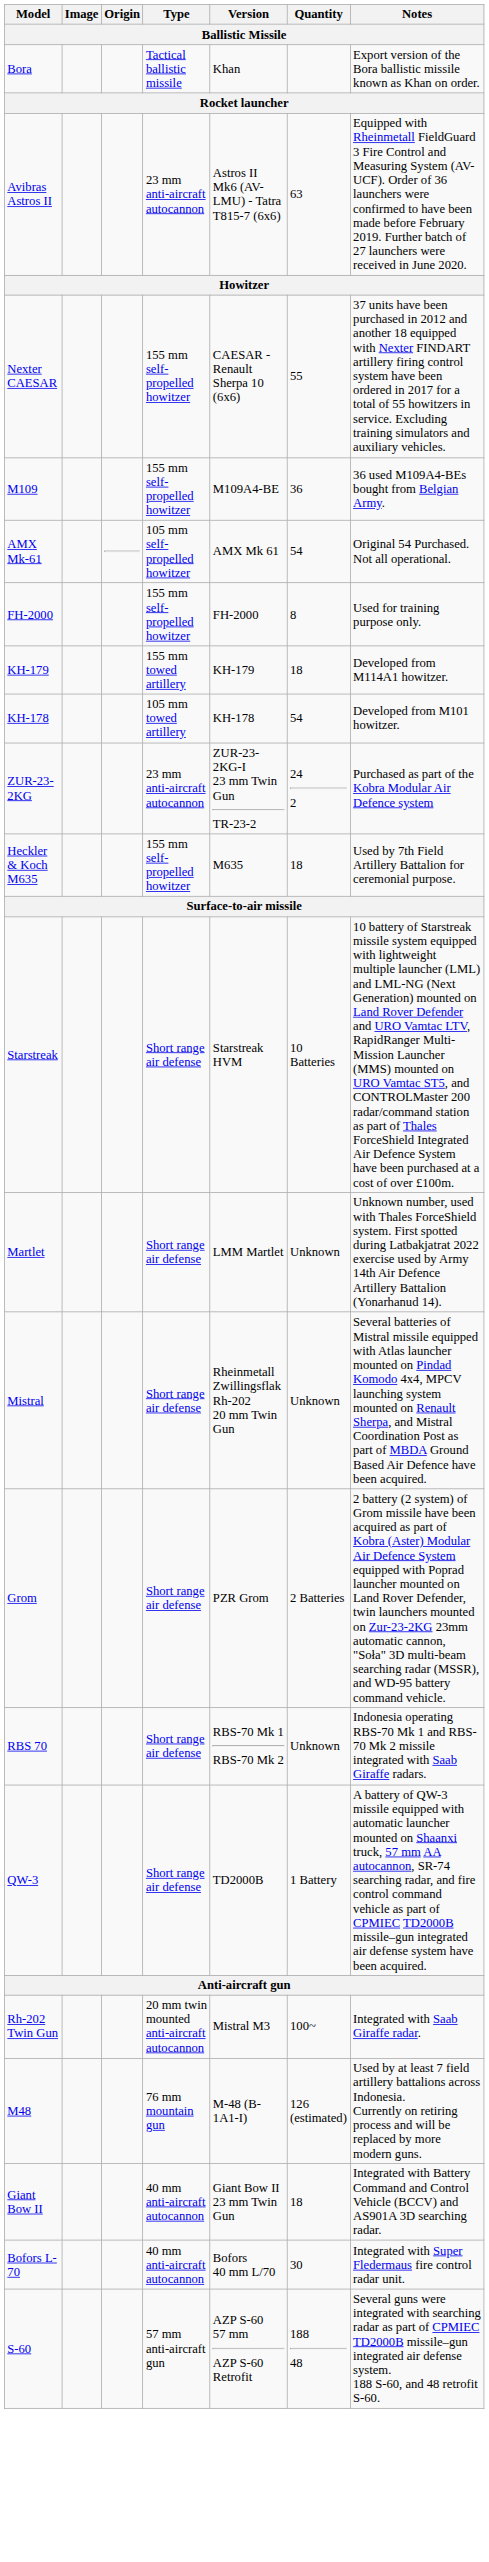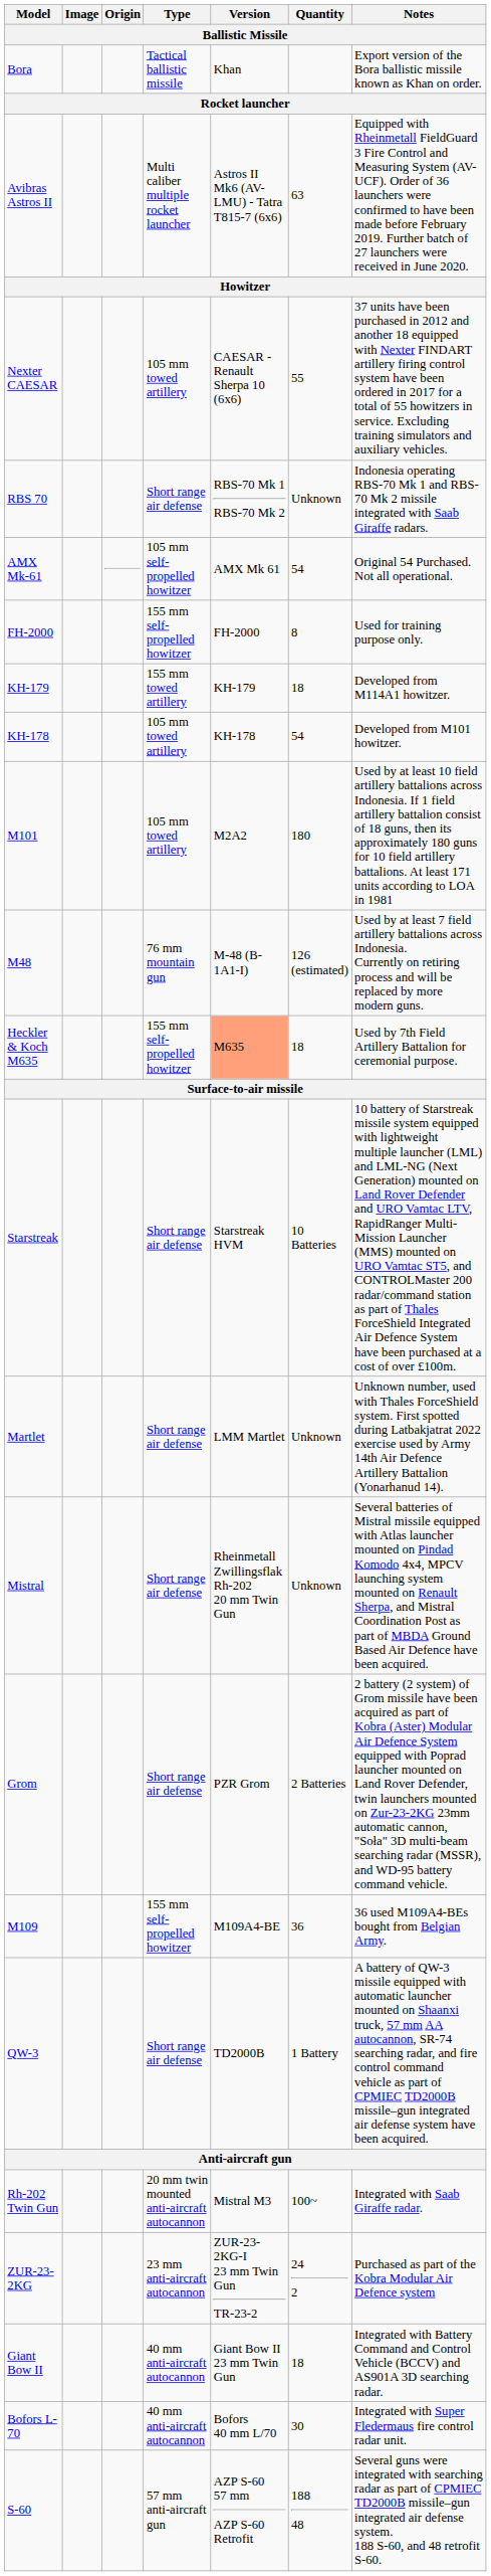 <table class="wikitable">
 <tr>
 <th>Model</th>
 <th>Image</th>
 <th>Origin</th>
 <th>Type</th>
 <th>Version</th>
 <th>Quantity</th>
 <th>Notes</th>
 </tr>
 <tr>
 <th colspan="7">Ballistic Missile</th>
 </tr>
 <tr>
 <td><a href='#'>Bora</a></td>
 <td></td>
 <td></td>
 <td><a href='#'>Tactical ballistic missile</a></td>
 <td>Khan</td>
 <td></td>
 <td>Export version of the Bora ballistic missile known as Khan on order.</td>
 </tr>
 <tr>
 <th colspan="7" style="align: center;">Rocket launcher</th>
 </tr>
 <tr>
 <td><a href='#'>Avibras Astros II</a></td>
 <td></td>
 <td></td>
-<td>23 mm <a href='#'>anti-aircraft</a> <a href='#'>autocannon</a></td>
+<td>Multi caliber <a href='#'>multiple rocket launcher</a></td>
 <td>Astros II Mk6 (AV-LMU) - Tatra T815-7 (6x6)</td>
 <td>63</td>
 <td>Equipped with <a href='#'>Rheinmetall</a> FieldGuard 3 Fire Control and Measuring System (AV-UCF). Order of 36 launchers were confirmed to have been made before February 2019. Further batch of 27 launchers were received in June 2020.</td>
 </tr>
 <tr>
 <th colspan="7" style="align: center;">Howitzer</th>
 </tr>
 <tr>
 <td><a href='#'>Nexter CAESAR</a></td>
 <td></td>
 <td></td>
-<td>155 mm <a href='#'>self-propelled howitzer</a></td>
+<td>105 mm <a href='#'>towed artillery</a></td>
 <td>CAESAR - Renault Sherpa 10 (6x6)</td>
 <td>55</td>
 <td>37 units have been purchased in 2012 and another 18 equipped with <a href='#'>Nexter</a> FINDART artillery firing control system have been ordered in 2017 for a total of 55 howitzers in service. Excluding training simulators and auxiliary vehicles.</td>
 </tr>
 <tr>
-<td><a href='#'>M109</a></td>
+<td><a href='#'>RBS 70</a></td>
 <td></td>
 <td></td>
-<td>155 mm <a href='#'>self-propelled howitzer</a></td>
-<td>M109A4-BE</td>
-<td>36</td>
-<td>36 used M109A4-BEs bought from <a href='#'>Belgian</a> <a href='#'>Army</a>.</td>
+<td><a href='#'>Short range air defense</a></td>
+<td>RBS-70 Mk 1<hr>RBS-70 Mk 2</td>
+<td>Unknown</td>
+<td>Indonesia operating RBS-70 Mk 1 and RBS-70 Mk 2 missile integrated with <a href='#'>Saab</a> <a href='#'>Giraffe</a> radars.</td>
 </tr>
 <tr>
 <td><a href='#'>AMX Mk-61</a></td>
 <td></td>
 <td><hr></td>
 <td>105 mm <a href='#'>self-propelled howitzer</a></td>
 <td>AMX Mk 61</td>
 <td>54</td>
 <td>Original 54 Purchased. Not all operational.</td>
 </tr>
 <tr>
 <td><a href='#'>FH-2000</a></td>
 <td></td>
 <td></td>
 <td>155 mm <a href='#'>self-propelled howitzer</a></td>
 <td>FH-2000</td>
 <td>8</td>
 <td> Used for training purpose only.</td>
 </tr>
 <tr>
 <td><a href='#'>KH-179</a></td>
 <td></td>
 <td></td>
 <td>155 mm <a href='#'>towed artillery</a></td>
 <td>KH-179</td>
 <td>18</td>
 <td>Developed from M114A1 howitzer.</td>
 </tr>
 <tr>
 <td><a href='#'>KH-178</a></td>
 <td></td>
 <td></td>
 <td>105 mm <a href='#'>towed artillery</a></td>
 <td>KH-178</td>
 <td>54</td>
 <td>Developed from M101 howitzer.</td>
 </tr>
 <tr>
-<td><a href='#'>ZUR-23-2KG</a></td>
+<td><a href='#'>M101</a></td>
 <td></td>
 <td></td>
-<td>23 mm <a href='#'>anti-aircraft</a> <a href='#'>autocannon</a></td>
-<td>ZUR-23-2KG-I 23 mm Twin Gun<hr>TR-23-2</td>
-<td>24<hr>2</td>
-<td>Purchased as part of the <a href='#'>Kobra Modular Air Defence system</a></td>
+<td>105 mm <a href='#'>towed artillery</a></td>
+<td>M2A2</td>
+<td>180</td>
+<td>Used by at least 10 field artillery battalions across Indonesia. If 1 field artillery battalion consist of 18 guns, then its approximately 180 guns for 10 field artillery battalions. At least 171 units according to LOA in 1981</td>
+</tr>
+<tr>
+<td><a href='#'>M48</a></td>
+<td></td>
+<td></td>
+<td>76 mm <a href='#'>mountain gun</a></td>
+<td>M-48 (B-1A1-I)</td>
+<td>126 (estimated)</td>
+<td>Used by at least 7 field artillery battalions across Indonesia.<br>Currently on retiring process and will be replaced by more modern guns.</td>
 </tr>
 <tr>
 <td><a href='#'>Heckler & Koch M635</a></td>
 <td></td>
 <td></td>
 <td>155 mm <a href='#'>self-propelled howitzer</a></td>
-<td>M635</td>
+<td style="background: lightsalmon;">M635</td>
 <td>18</td>
 <td>Used by 7th Field Artillery Battalion for ceremonial purpose.</td>
 </tr>
 <tr>
 <th colspan="7" style="align: centre;">Surface-to-air missile</th>
 </tr>
 <tr>
 <td><a href='#'>Starstreak</a></td>
 <td></td>
 <td></td>
 <td><a href='#'>Short range air defense</a></td>
 <td>Starstreak HVM</td>
 <td>10 Batteries</td>
 <td>10 battery of Starstreak missile system equipped with lightweight multiple launcher (LML) and LML-NG (Next Generation) mounted on <a href='#'>Land Rover Defender</a> and <a href='#'>URO Vamtac LTV</a>, RapidRanger Multi-Mission Launcher (MMS) mounted on <a href='#'>URO Vamtac ST5</a>, and CONTROLMaster 200 radar/command station as part of <a href='#'>Thales</a> ForceShield Integrated Air Defence System have been purchased at a cost of over £100m.</td>
 </tr>
 <tr>
 <td><a href='#'>Martlet</a></td>
 <td></td>
 <td></td>
 <td><a href='#'>Short range air defense</a></td>
 <td>LMM Martlet</td>
 <td>Unknown</td>
 <td>Unknown number, used with Thales ForceShield system. First spotted during Latbakjatrat 2022 exercise used by Army 14th Air Defence Artillery Battalion (Yonarhanud 14).</td>
 </tr>
 <tr>
 <td><a href='#'>Mistral</a></td>
 <td></td>
 <td></td>
 <td><a href='#'>Short range air defense</a></td>
 <td>Rheinmetall Zwillingsflak Rh-202 20 mm Twin Gun</td>
 <td>Unknown</td>
 <td>Several batteries of Mistral missile equipped with Atlas launcher mounted on <a href='#'>Pindad Komodo</a> 4x4, MPCV launching system mounted on <a href='#'>Renault Sherpa</a>, and Mistral Coordination Post as part of <a href='#'>MBDA</a> Ground Based Air Defence have been acquired.</td>
 </tr>
 <tr>
 <td><a href='#'>Grom</a></td>
 <td></td>
 <td></td>
 <td><a href='#'>Short range air defense</a></td>
 <td>PZR Grom</td>
 <td>2 Batteries</td>
 <td>2 battery (2 system) of Grom missile have been acquired as part of <a href='#'>Kobra (Aster) Modular Air Defence System</a> equipped with Poprad launcher mounted on Land Rover Defender, twin launchers mounted on <a href='#'>Zur-23-2KG</a> 23mm automatic cannon, "Soła" 3D multi-beam searching radar (MSSR), and WD-95 battery command vehicle.</td>
 </tr>
 <tr>
-<td><a href='#'>RBS 70</a></td>
+<td><a href='#'>M109</a></td>
 <td></td>
 <td></td>
-<td><a href='#'>Short range air defense</a></td>
-<td>RBS-70 Mk 1<hr>RBS-70 Mk 2</td>
-<td>Unknown</td>
-<td>Indonesia operating RBS-70 Mk 1 and RBS-70 Mk 2 missile integrated with <a href='#'>Saab</a> <a href='#'>Giraffe</a> radars.</td>
+<td>155 mm <a href='#'>self-propelled howitzer</a></td>
+<td>M109A4-BE</td>
+<td>36</td>
+<td>36 used M109A4-BEs bought from <a href='#'>Belgian</a> <a href='#'>Army</a>.</td>
 </tr>
 <tr>
 <td><a href='#'>QW-3</a></td>
 <td></td>
 <td></td>
 <td><a href='#'>Short range air defense</a></td>
 <td>TD2000B</td>
 <td>1 Battery</td>
 <td>A battery of QW-3 missile equipped with automatic launcher mounted on <a href='#'>Shaanxi</a> truck, <a href='#'>57 mm</a> <a href='#'>AA</a> <a href='#'>autocannon</a>, SR-74 searching radar, and fire control command vehicle as part of <a href='#'>CPMIEC</a> <a href='#'>TD2000B</a> missile–gun integrated air defense system have been acquired.</td>
 </tr>
 <tr>
 <th colspan="7">Anti-aircraft gun</th>
 </tr>
 <tr>
 <td><a href='#'>Rh-202 Twin Gun</a></td>
 <td></td>
 <td></td>
 <td>20 mm twin mounted <a href='#'>anti-aircraft</a> <a href='#'>autocannon</a></td>
 <td>Mistral M3</td>
 <td>100~</td>
 <td>Integrated with <a href='#'>Saab</a> <a href='#'>Giraffe radar</a>.</td>
 </tr>
 <tr>
-<td><a href='#'>M48</a></td>
+<td><a href='#'>ZUR-23-2KG</a></td>
 <td></td>
 <td></td>
-<td>76 mm <a href='#'>mountain gun</a></td>
-<td>M-48 (B-1A1-I)</td>
-<td>126 (estimated)</td>
-<td>Used by at least 7 field artillery battalions across Indonesia.<br>Currently on retiring process and will be replaced by more modern guns.</td>
+<td>23 mm <a href='#'>anti-aircraft</a> <a href='#'>autocannon</a></td>
+<td>ZUR-23-2KG-I 23 mm Twin Gun<hr>TR-23-2</td>
+<td>24<hr>2</td>
+<td>Purchased as part of the <a href='#'>Kobra Modular Air Defence system</a></td>
 </tr>
 <tr>
 <td><a href='#'>Giant Bow II</a></td>
 <td></td>
 <td></td>
 <td>40 mm <a href='#'>anti-aircraft</a> <a href='#'>autocannon</a></td>
 <td>Giant Bow II 23 mm Twin Gun</td>
 <td>18</td>
 <td>Integrated with Battery Command and Control Vehicle (BCCV) and AS901A 3D searching radar.</td>
 </tr>
 <tr>
 <td><a href='#'>Bofors L-70</a></td>
 <td></td>
 <td></td>
 <td>40 mm <a href='#'>anti-aircraft</a> <a href='#'>autocannon</a></td>
 <td>Bofors 40 mm L/70</td>
 <td>30</td>
 <td>Integrated with <a href='#'>Super Fledermaus</a> fire control radar unit.</td>
 </tr>
 <tr>
 <td><a href='#'>S-60</a></td>
 <td></td>
 <td></td>
 <td>57 mm anti-aircraft gun</td>
 <td>AZP S-60 57 mm<hr>AZP S-60 Retrofit</td>
 <td>188<hr>48</td>
 <td>Several guns were integrated with searching radar as part of <a href='#'>CPMIEC</a> <a href='#'>TD2000B</a> missile–gun integrated air defense system.<br>188 S-60, and 48 retrofit S-60.</td>
 </tr>
 </table>
